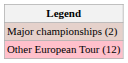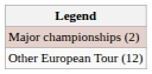 <table class="wikitable" style="font-size:95%;">
 <tr>
 <th>Legend</th>
 </tr>
 <tr style="background:#e5d1cb;">
 <td>Major championships (2)</td>
 </tr>
 <tr>
-<td style="background: pink;">Other European Tour (12)</td>
+<td>Other European Tour (12)</td>
 </tr>
 </table>
